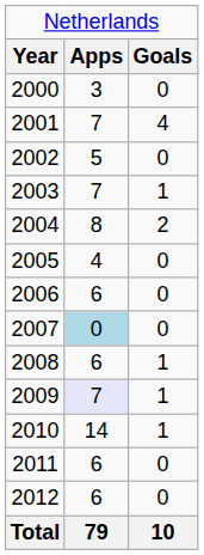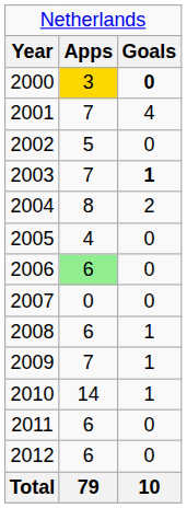 <table class="wikitable" style="text-align:center">
 <tr>
 <td colspan=3><a href='#'>Netherlands</a></td>
 </tr>
 <tr>
 <th>Year</th>
 <th>Apps</th>
 <th>Goals</th>
 </tr>
 <tr>
 <td>2000</td>
-<td>3</td>
-<td>0</td>
+<td style="background: gold;">3</td>
+<td><strong>0</strong></td>
 </tr>
 <tr>
 <td>2001</td>
 <td>7</td>
 <td>4</td>
 </tr>
 <tr>
 <td>2002</td>
 <td>5</td>
 <td>0</td>
 </tr>
 <tr>
 <td>2003</td>
 <td>7</td>
-<td>1</td>
+<td><strong>1</strong></td>
 </tr>
 <tr>
 <td>2004</td>
 <td>8</td>
 <td>2</td>
 </tr>
 <tr>
 <td>2005</td>
 <td>4</td>
 <td>0</td>
 </tr>
 <tr>
 <td>2006</td>
-<td>6</td>
+<td style="background: lightgreen;">6</td>
 <td>0</td>
 </tr>
 <tr>
 <td>2007</td>
-<td style="background: lightblue;">0</td>
+<td>0</td>
 <td>0</td>
 </tr>
 <tr>
 <td>2008</td>
 <td>6</td>
 <td>1</td>
 </tr>
 <tr>
 <td>2009</td>
-<td style="background: lavender;">7</td>
+<td>7</td>
 <td>1</td>
 </tr>
 <tr>
 <td>2010</td>
 <td>14</td>
 <td>1</td>
 </tr>
 <tr>
 <td>2011</td>
 <td>6</td>
 <td>0</td>
 </tr>
 <tr>
 <td>2012</td>
 <td>6</td>
 <td>0</td>
 </tr>
 <tr>
 <th>Total</th>
 <th>79</th>
 <th>10</th>
 </tr>
 </table>
